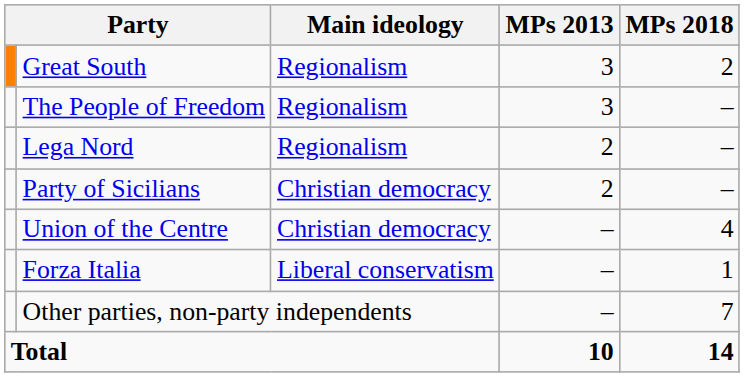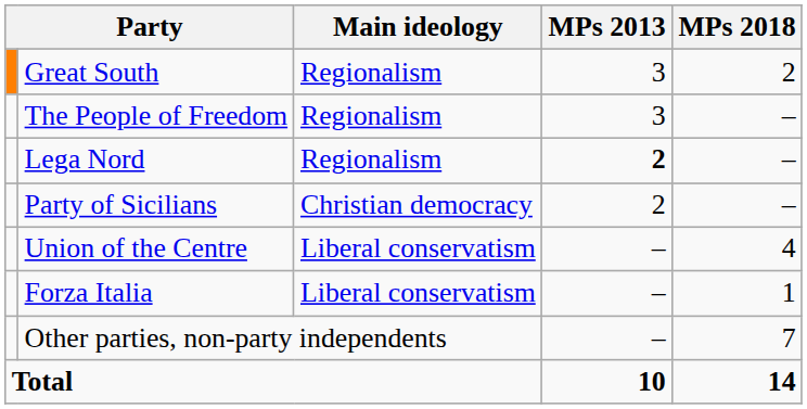 <table class="wikitable" style="font-size:100%">
 <tr>
 <th colspan=2>Party</th>
 <th>Main ideology</th>
 <th>MPs 2013</th>
 <th>MPs 2018</th>
 </tr>
 <tr>
 <td bgcolor="#FF7F00"></td>
 <td><a href='#'>Great South</a></td>
 <td><a href='#'>Regionalism</a></td>
 <td align=right>3</td>
 <td align=right>2</td>
 </tr>
 <tr>
 <td></td>
 <td><a href='#'>The People of Freedom</a></td>
 <td><a href='#'>Regionalism</a></td>
 <td align=right>3</td>
 <td align=right>–</td>
 </tr>
 <tr>
 <td></td>
 <td><a href='#'>Lega Nord</a></td>
 <td><a href='#'>Regionalism</a></td>
-<td align=right>2</td>
+<td align=right><strong>2</strong></td>
 <td align=right>–</td>
 </tr>
 <tr>
 <td></td>
 <td><a href='#'>Party of Sicilians</a></td>
 <td><a href='#'>Christian democracy</a></td>
 <td align=right>2</td>
 <td align=right>–</td>
 </tr>
 <tr>
 <td></td>
 <td><a href='#'>Union of the Centre</a></td>
-<td><a href='#'>Christian democracy</a></td>
+<td><a href='#'>Liberal conservatism</a></td>
 <td align=right>–</td>
 <td align=right>4</td>
 </tr>
 <tr>
 <td></td>
 <td><a href='#'>Forza Italia</a></td>
 <td><a href='#'>Liberal conservatism</a></td>
 <td align=right>–</td>
 <td align=right>1</td>
 </tr>
 <tr>
 <td></td>
 <td colspan=2>Other parties, non-party independents</td>
 <td align=right>–</td>
 <td align=right>7</td>
 </tr>
 <tr>
 <td colspan=3><strong>Total</strong></td>
 <td align=right><strong>10</strong></td>
 <td align=right><strong>14</strong></td>
 </tr>
 </table>
